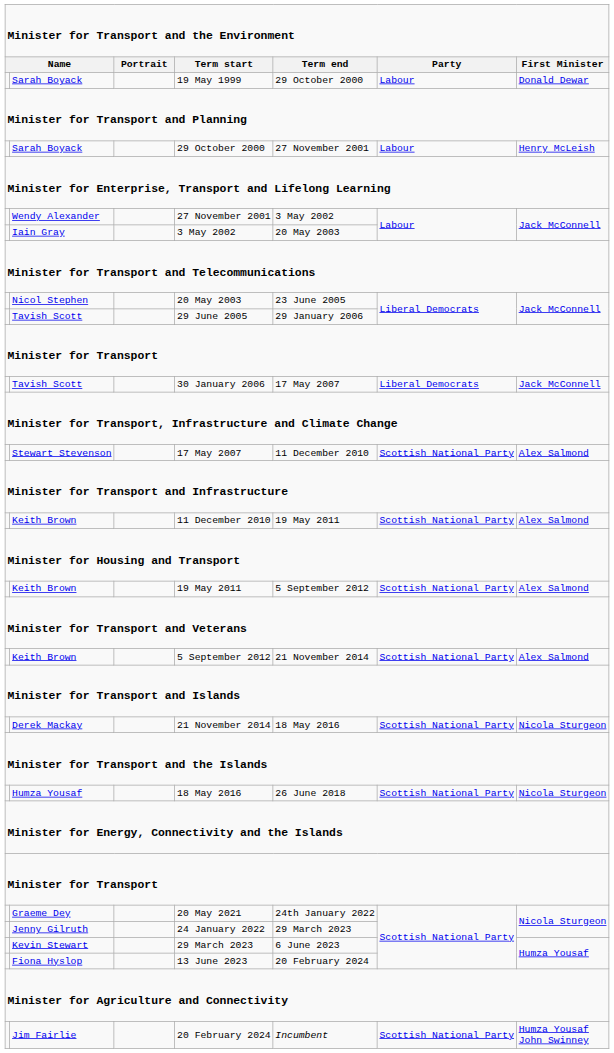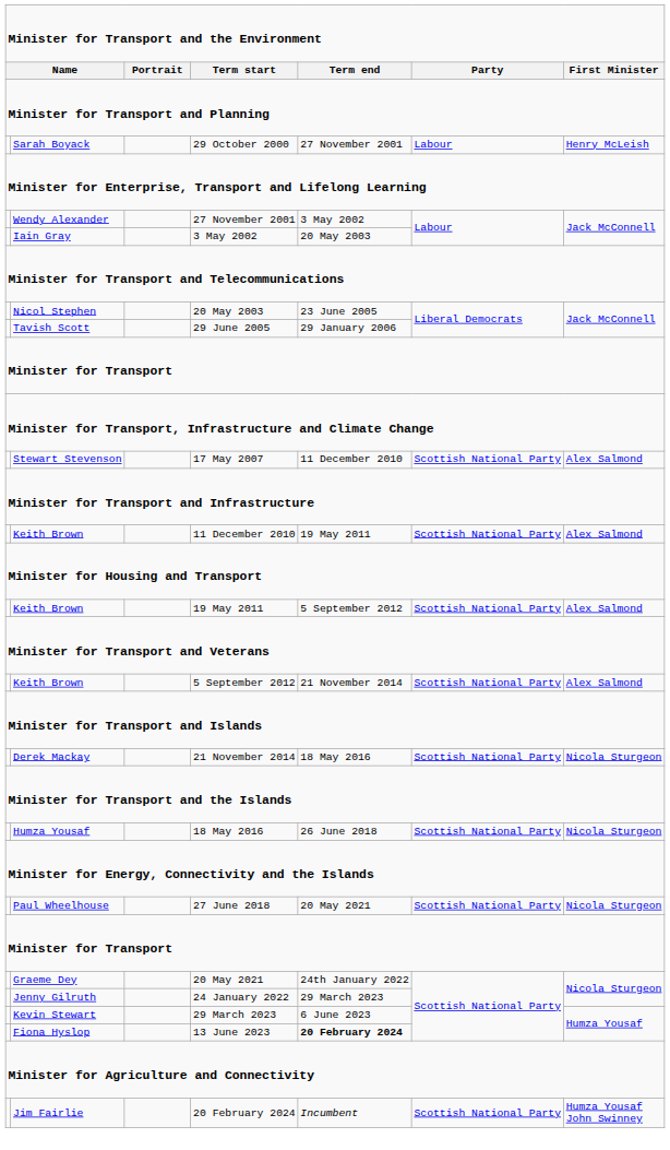 <table class="wikitable" style="margin: 0 0 0 1em; background: #f9f9f9; border: 1px #aaaaaa solid; border-collapse: collapse; ">
 <tr>
 <td colspan="7"><br><h3>Minister for Transport and the Environment</h3></td>
 </tr>
 <tr>
 <th colspan="2">Name</th>
 <th width=75>Portrait</th>
 <th>Term start</th>
 <th>Term end</th>
 <th>Party</th>
 <th>First Minister</th>
-</tr>
-<tr>
-<td></td>
-<td><a href='#'>Sarah Boyack</a></td>
-<td></td>
-<td>19 May 1999</td>
-<td>29 October 2000</td>
-<td><a href='#'>Labour</a></td>
-<td><a href='#'>Donald Dewar</a></td>
 </tr>
 <tr>
 <td colspan="7"><br><h3>Minister for Transport and Planning</h3></td>
 </tr>
 <tr>
 <td></td>
 <td><a href='#'>Sarah Boyack</a></td>
 <td></td>
 <td>29 October 2000</td>
 <td>27 November 2001</td>
 <td><a href='#'>Labour</a></td>
 <td><a href='#'>Henry McLeish</a></td>
 </tr>
 <tr>
 <td colspan="7"><br><h3>Minister for Enterprise, Transport and Lifelong Learning</h3></td>
 </tr>
 <tr>
 <td></td>
 <td><a href='#'>Wendy Alexander</a></td>
 <td></td>
 <td>27 November 2001</td>
 <td>3 May 2002</td>
 <td rowspan="2"><a href='#'>Labour</a></td>
 <td rowspan="2"><a href='#'>Jack McConnell</a></td>
 </tr>
 <tr>
 <td></td>
 <td><a href='#'>Iain Gray</a></td>
 <td></td>
 <td>3 May 2002</td>
 <td>20 May 2003</td>
 </tr>
 <tr>
 <td colspan="7"><br><h3>Minister for Transport and Telecommunications</h3></td>
 </tr>
 <tr>
 <td></td>
 <td><a href='#'>Nicol Stephen</a></td>
 <td></td>
 <td>20 May 2003</td>
 <td>23 June 2005</td>
 <td rowspan="2"><a href='#'>Liberal Democrats</a></td>
 <td rowspan="2"><a href='#'>Jack McConnell</a></td>
 </tr>
 <tr>
 <td></td>
 <td><a href='#'>Tavish Scott</a></td>
 <td></td>
 <td>29 June 2005</td>
 <td>29 January 2006</td>
 </tr>
 <tr>
 <td colspan="7"><br><h3>Minister for Transport</h3></td>
-</tr>
-<tr>
-<td></td>
-<td><a href='#'>Tavish Scott</a></td>
-<td></td>
-<td>30 January 2006</td>
-<td>17 May 2007</td>
-<td><a href='#'>Liberal Democrats</a></td>
-<td><a href='#'>Jack McConnell</a></td>
 </tr>
 <tr>
 <td colspan="7"><br><h3>Minister for Transport, Infrastructure and Climate Change</h3></td>
 </tr>
 <tr>
 <td></td>
 <td><a href='#'>Stewart Stevenson</a></td>
 <td></td>
 <td>17 May 2007</td>
 <td>11 December 2010</td>
 <td><a href='#'>Scottish National Party</a></td>
 <td><a href='#'>Alex Salmond</a></td>
 </tr>
 <tr>
 <td colspan="7"><br><h3>Minister for Transport and Infrastructure</h3></td>
 </tr>
 <tr>
 <td></td>
 <td><a href='#'>Keith Brown</a></td>
 <td></td>
 <td>11 December 2010</td>
 <td>19 May 2011</td>
 <td><a href='#'>Scottish National Party</a></td>
 <td><a href='#'>Alex Salmond</a></td>
 </tr>
 <tr>
 <td colspan="7"><br><h3>Minister for Housing and Transport</h3></td>
 </tr>
 <tr>
 <td></td>
 <td><a href='#'>Keith Brown</a></td>
 <td></td>
 <td>19 May 2011</td>
 <td>5 September 2012</td>
 <td><a href='#'>Scottish National Party</a></td>
 <td><a href='#'>Alex Salmond</a></td>
 </tr>
 <tr>
 <td colspan="7"><br><h3>Minister for Transport and Veterans</h3></td>
 </tr>
 <tr>
 <td></td>
 <td><a href='#'>Keith Brown</a></td>
 <td></td>
 <td>5 September 2012</td>
 <td>21 November 2014</td>
 <td><a href='#'>Scottish National Party</a></td>
 <td><a href='#'>Alex Salmond</a></td>
 </tr>
 <tr>
 <td colspan="7"><br><h3>Minister for Transport and Islands</h3></td>
 </tr>
 <tr>
 <td></td>
 <td><a href='#'>Derek Mackay</a></td>
 <td></td>
 <td>21 November 2014</td>
 <td>18 May 2016</td>
 <td><a href='#'>Scottish National Party</a></td>
 <td><a href='#'>Nicola Sturgeon</a></td>
 </tr>
 <tr>
 <td colspan="7"><br><h3>Minister for Transport and the Islands</h3></td>
 </tr>
 <tr>
 <td></td>
 <td><a href='#'>Humza Yousaf</a></td>
 <td></td>
 <td>18 May 2016</td>
 <td>26 June 2018</td>
 <td><a href='#'>Scottish National Party</a></td>
 <td><a href='#'>Nicola Sturgeon</a></td>
 </tr>
 <tr>
 <td colspan="7"><br><h3>Minister for Energy, Connectivity and the Islands</h3></td>
 </tr>
 <tr>
+<td></td>
+<td><a href='#'>Paul Wheelhouse</a></td>
+<td></td>
+<td>27 June 2018</td>
+<td>20 May 2021</td>
+<td><a href='#'>Scottish National Party</a></td>
+<td><a href='#'>Nicola Sturgeon</a></td>
+</tr>
+<tr>
 <td colspan="7"><br><h3>Minister for Transport</h3></td>
 </tr>
 <tr>
 <td></td>
 <td><a href='#'>Graeme Dey</a></td>
 <td></td>
 <td>20 May 2021</td>
 <td>24th January 2022</td>
 <td rowspan="4"><a href='#'>Scottish National Party</a></td>
 <td rowspan="2"><a href='#'>Nicola Sturgeon</a></td>
 </tr>
 <tr>
 <td></td>
 <td><a href='#'>Jenny Gilruth</a></td>
 <td></td>
 <td>24 January 2022</td>
 <td>29 March 2023</td>
 </tr>
 <tr>
 <td></td>
 <td><a href='#'>Kevin Stewart</a></td>
 <td></td>
 <td>29 March 2023</td>
 <td>6 June 2023</td>
 <td rowspan="2"><a href='#'>Humza Yousaf</a></td>
 </tr>
 <tr>
 <td></td>
 <td><a href='#'>Fiona Hyslop</a></td>
 <td></td>
 <td>13 June 2023</td>
-<td>20 February 2024</td>
+<td><strong>20 February 2024</strong></td>
 </tr>
 <tr>
 <td colspan="7"><br><h3>Minister for Agriculture and Connectivity</h3></td>
 </tr>
 <tr>
 <td></td>
 <td><a href='#'>Jim Fairlie</a></td>
 <td></td>
 <td>20 February 2024</td>
 <td><em>Incumbent</em></td>
 <td><a href='#'>Scottish National Party</a></td>
 <td><a href='#'>Humza Yousaf</a><br><a href='#'>John Swinney</a></td>
 </tr>
 </table>
